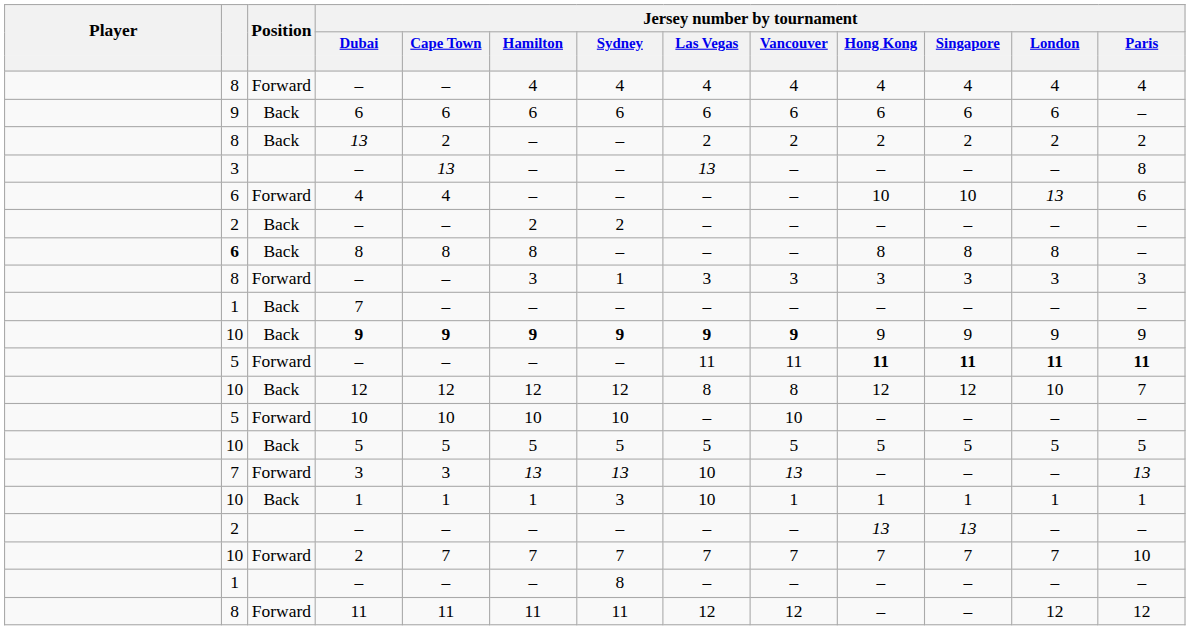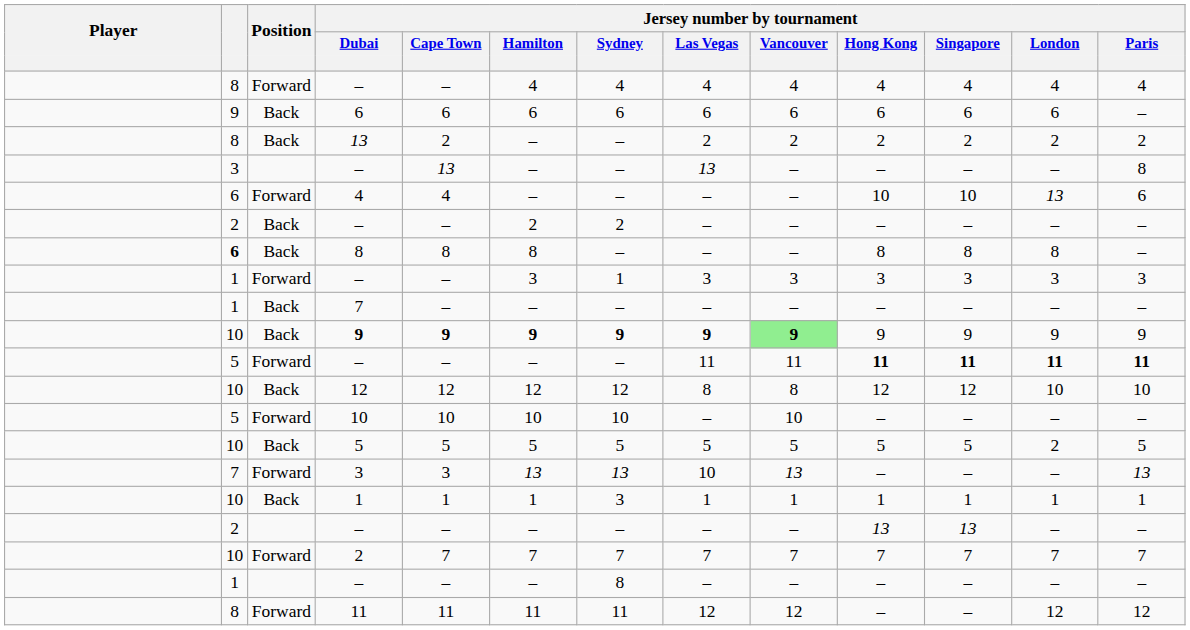 <table class="wikitable sortable" style="text-align:center;">
 <tr>
 <th rowspan=2 style="border-bottom:0px; width:12em;">Player</th>
 <th rowspan=2 style="border-bottom:0px;"></th>
 <th rowspan=2 style="border-bottom:0px;">Position</th>
 <th colspan=10 style="font-size:95%;">Jersey number by tournament</th>
 </tr>
 <tr>
 <th style="vertical-align:top;width:5.5em;border-bottom:1px solid transparent;padding:2px;font-size:85%;"><a href='#'>Dubai</a></th>
 <th style="vertical-align:top;width:5.5em;border-bottom:1px solid transparent;padding:2px;font-size:85%;"><a href='#'>Cape Town</a></th>
 <th style="vertical-align:top;width:5.5em;border-bottom:1px solid transparent;padding:2px;font-size:85%;"><a href='#'>Hamilton</a></th>
 <th style="vertical-align:top;width:5.5em;border-bottom:1px solid transparent;padding:2px;font-size:85%;"><a href='#'>Sydney</a></th>
 <th style="vertical-align:top;width:5.5em;border-bottom:1px solid transparent;padding:2px;font-size:85%;"><a href='#'>Las Vegas</a></th>
 <th style="vertical-align:top;width:5.5em;border-bottom:1px solid transparent;padding:2px;font-size:85%;"><a href='#'>Vancouver</a></th>
 <th style="vertical-align:top;width:5.5em;border-bottom:1px solid transparent;padding:2px;font-size:85%;"><a href='#'>Hong Kong</a></th>
 <th style="vertical-align:top;width:5.5em;border-bottom:1px solid transparent;padding:2px;font-size:85%;"><a href='#'>Singapore</a></th>
 <th style="vertical-align:top;width:5.5em;border-bottom:1px solid transparent;padding:2px;font-size:85%;"><a href='#'>London</a></th>
 <th style="vertical-align:top;width:5.5em;border-bottom:1px solid transparent;padding:2px;font-size:85%;"><a href='#'>Paris</a></th>
 </tr>
 <tr style="line-height:8px;">
 <th style="border-top:1px solid transparent;"></th>
 <th style="border-top:1px solid transparent;"> </th>
 <th style="border-top:1px solid transparent;"> </th>
 <th data-sort-type="number" style="border-top:1px solid transparent;"></th>
 <th data-sort-type="number" style="border-top:1px solid transparent;"></th>
 <th data-sort-type="number" style="border-top:1px solid transparent;"></th>
 <th data-sort-type="number" style="border-top:1px solid transparent;"></th>
 <th data-sort-type="number" style="border-top:1px solid transparent;"></th>
 <th data-sort-type="number" style="border-top:1px solid transparent;"></th>
 <th data-sort-type="number" style="border-top:1px solid transparent;"></th>
 <th data-sort-type="number" style="border-top:1px solid transparent;"></th>
 <th data-sort-type="number" style="border-top:1px solid transparent;"></th>
 <th data-sort-type="number" style="border-top:1px solid transparent;"></th>
 </tr>
 <tr>
 <td align=left></td>
 <td>8</td>
 <td>Forward</td>
 <td>–</td>
 <td>–</td>
 <td>4</td>
 <td>4</td>
 <td>4</td>
 <td>4</td>
 <td>4</td>
 <td>4</td>
 <td>4</td>
 <td>4</td>
 </tr>
 <tr>
 <td align=left></td>
 <td>9</td>
 <td>Back</td>
 <td>6</td>
 <td>6</td>
 <td>6</td>
 <td>6</td>
 <td>6</td>
 <td>6</td>
 <td>6</td>
 <td>6</td>
 <td>6</td>
 <td>–</td>
 </tr>
 <tr>
 <td align=left></td>
 <td>8</td>
 <td>Back</td>
 <td><em>13</em></td>
 <td>2</td>
 <td>–</td>
 <td>–</td>
 <td>2</td>
 <td>2</td>
 <td>2</td>
 <td>2</td>
 <td>2</td>
 <td>2</td>
 </tr>
 <tr>
 <td align=left></td>
 <td>3</td>
 <td></td>
 <td>–</td>
 <td><em>13</em></td>
 <td>–</td>
 <td>–</td>
 <td><em>13</em></td>
 <td>–</td>
 <td>–</td>
 <td>–</td>
 <td>–</td>
 <td>8</td>
 </tr>
 <tr>
 <td align=left></td>
 <td>6</td>
 <td>Forward</td>
 <td>4</td>
 <td>4</td>
 <td>–</td>
 <td>–</td>
 <td>–</td>
 <td>–</td>
 <td>10</td>
 <td>10</td>
 <td><em>13</em></td>
 <td>6</td>
 </tr>
 <tr>
 <td align=left></td>
 <td>2</td>
 <td>Back</td>
 <td>–</td>
 <td>–</td>
 <td>2</td>
 <td>2</td>
 <td>–</td>
 <td>–</td>
 <td>–</td>
 <td>–</td>
 <td>–</td>
 <td>–</td>
 </tr>
 <tr>
 <td align=left></td>
 <td><strong>6</strong></td>
 <td>Back</td>
 <td>8</td>
 <td>8</td>
 <td>8</td>
 <td>–</td>
 <td>–</td>
 <td>–</td>
 <td>8</td>
 <td>8</td>
 <td>8</td>
 <td>–</td>
 </tr>
 <tr>
 <td align=left></td>
-<td>8</td>
+<td>1</td>
 <td>Forward</td>
 <td>–</td>
 <td>–</td>
 <td>3</td>
 <td>1</td>
 <td>3</td>
 <td>3</td>
 <td>3</td>
 <td>3</td>
 <td>3</td>
 <td>3</td>
 </tr>
 <tr>
 <td align=left></td>
 <td>1</td>
 <td>Back</td>
 <td>7</td>
 <td>–</td>
 <td>–</td>
 <td>–</td>
 <td>–</td>
 <td>–</td>
 <td>–</td>
 <td>–</td>
 <td>–</td>
 <td>–</td>
 </tr>
 <tr>
 <td align=left></td>
 <td>10</td>
 <td>Back</td>
 <td><strong>9</strong></td>
 <td><strong>9</strong></td>
 <td><strong>9</strong></td>
 <td><strong>9</strong></td>
 <td><strong>9</strong></td>
-<td><strong>9</strong></td>
+<td style="background: lightgreen;"><strong>9</strong></td>
 <td>9</td>
 <td>9</td>
 <td>9</td>
 <td>9</td>
 </tr>
 <tr>
 <td align=left></td>
 <td>5</td>
 <td>Forward</td>
 <td>–</td>
 <td>–</td>
 <td>–</td>
 <td>–</td>
 <td>11</td>
 <td>11</td>
 <td><strong>11</strong></td>
 <td><strong>11</strong></td>
 <td><strong>11</strong></td>
 <td><strong>11</strong></td>
 </tr>
 <tr>
 <td align=left></td>
 <td>10</td>
 <td>Back</td>
 <td>12</td>
 <td>12</td>
 <td>12</td>
 <td>12</td>
 <td>8</td>
 <td>8</td>
 <td>12</td>
 <td>12</td>
 <td>10</td>
-<td>7</td>
+<td>10</td>
 </tr>
 <tr>
 <td align=left></td>
 <td>5</td>
 <td>Forward</td>
 <td>10</td>
 <td>10</td>
 <td>10</td>
 <td>10</td>
 <td>–</td>
 <td>10</td>
 <td>–</td>
 <td>–</td>
 <td>–</td>
 <td>–</td>
 </tr>
 <tr>
 <td align=left></td>
 <td>10</td>
 <td>Back</td>
 <td>5</td>
 <td>5</td>
 <td>5</td>
 <td>5</td>
 <td>5</td>
 <td>5</td>
 <td>5</td>
 <td>5</td>
-<td>5</td>
+<td>2</td>
 <td>5</td>
 </tr>
 <tr>
 <td align=left></td>
 <td>7</td>
 <td>Forward</td>
 <td>3</td>
 <td>3</td>
 <td><em>13</em></td>
 <td><em>13</em></td>
 <td>10</td>
 <td><em>13</em></td>
 <td>–</td>
 <td>–</td>
 <td>–</td>
 <td><em>13</em></td>
 </tr>
 <tr>
 <td align=left></td>
 <td>10</td>
 <td>Back</td>
 <td>1</td>
 <td>1</td>
 <td>1</td>
 <td>3</td>
-<td>10</td>
+<td>1</td>
 <td>1</td>
 <td>1</td>
 <td>1</td>
 <td>1</td>
 <td>1</td>
 </tr>
 <tr>
 <td align=left></td>
 <td>2</td>
 <td></td>
 <td>–</td>
 <td>–</td>
 <td>–</td>
 <td>–</td>
 <td>–</td>
 <td>–</td>
 <td><em>13</em></td>
 <td><em>13</em></td>
 <td>–</td>
 <td>–</td>
 </tr>
 <tr>
 <td align=left></td>
 <td>10</td>
 <td>Forward</td>
 <td>2</td>
 <td>7</td>
 <td>7</td>
 <td>7</td>
 <td>7</td>
 <td>7</td>
 <td>7</td>
 <td>7</td>
 <td>7</td>
-<td>10</td>
+<td>7</td>
 </tr>
 <tr>
 <td align=left></td>
 <td>1</td>
 <td></td>
 <td>–</td>
 <td>–</td>
 <td>–</td>
 <td>8</td>
 <td>–</td>
 <td>–</td>
 <td>–</td>
 <td>–</td>
 <td>–</td>
 <td>–</td>
 </tr>
 <tr>
 <td align=left></td>
 <td>8</td>
 <td>Forward</td>
 <td>11</td>
 <td>11</td>
 <td>11</td>
 <td>11</td>
 <td>12</td>
 <td>12</td>
 <td>–</td>
 <td>–</td>
 <td>12</td>
 <td>12</td>
 </tr>
 </table>
